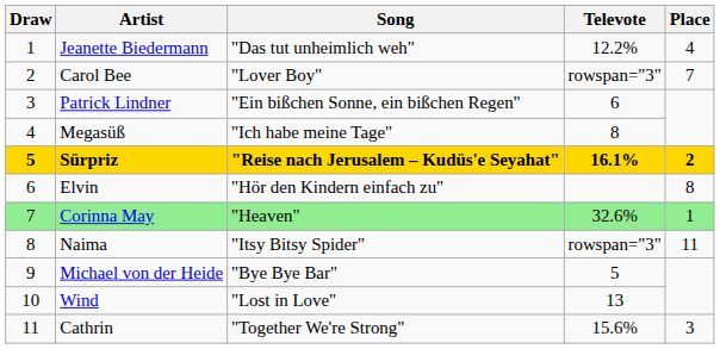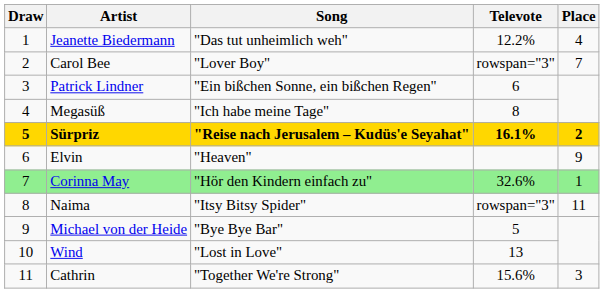 <table class="sortable wikitable" style="margin: 1em auto 1em auto; text-align:center">
 <tr>
 <th>Draw</th>
 <th>Artist</th>
 <th>Song</th>
 <th>Televote</th>
 <th>Place</th>
 </tr>
 <tr>
 <td>1</td>
 <td align="left"><a href='#'>Jeanette Biedermann</a></td>
 <td align="left">"Das tut unheimlich weh"</td>
 <td>12.2%</td>
 <td>4</td>
 </tr>
 <tr>
 <td>2</td>
 <td align="left">Carol Bee</td>
 <td align="left">"Lover Boy"</td>
 <td>rowspan="3" </td>
 <td>7</td>
 </tr>
 <tr>
 <td>3</td>
 <td align="left"><a href='#'>Patrick Lindner</a></td>
 <td align="left">"Ein bißchen Sonne, ein bißchen Regen"</td>
 <td>6</td>
 </tr>
 <tr>
 <td>4</td>
 <td align="left">Megasüß</td>
 <td align="left">"Ich habe meine Tage"</td>
 <td>8</td>
 </tr>
 <tr style="font-weight:bold; background:gold;">
 <td>5</td>
 <td align="left">Sürpriz</td>
 <td align="left">"Reise nach Jerusalem – Kudüs'e Seyahat"</td>
 <td>16.1%</td>
 <td>2</td>
 </tr>
 <tr>
 <td>6</td>
 <td align="left">Elvin</td>
-<td align="left">"Hör den Kindern einfach zu"</td>
+<td align="left">"Heaven"</td>
 <td></td>
-<td>8</td>
+<td>9</td>
 </tr>
 <tr style="background:#90EE90;">
 <td>7</td>
 <td align="left"><a href='#'>Corinna May</a></td>
-<td align="left">"Heaven"</td>
+<td align="left">"Hör den Kindern einfach zu"</td>
 <td>32.6%</td>
 <td>1</td>
 </tr>
 <tr>
 <td>8</td>
 <td align="left">Naima</td>
 <td align="left">"Itsy Bitsy Spider"</td>
 <td>rowspan="3" </td>
 <td>11</td>
 </tr>
 <tr>
 <td>9</td>
 <td align="left"><a href='#'>Michael von der Heide</a></td>
 <td align="left">"Bye Bye Bar"</td>
 <td>5</td>
 </tr>
 <tr>
 <td>10</td>
 <td align="left"><a href='#'>Wind</a></td>
 <td align="left">"Lost in Love"</td>
 <td>13</td>
 </tr>
 <tr>
 <td>11</td>
 <td align="left">Cathrin</td>
 <td align="left">"Together We're Strong"</td>
 <td>15.6%</td>
 <td>3</td>
 </tr>
 </table>
